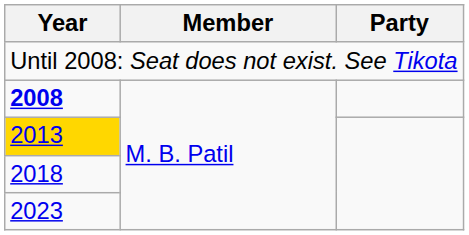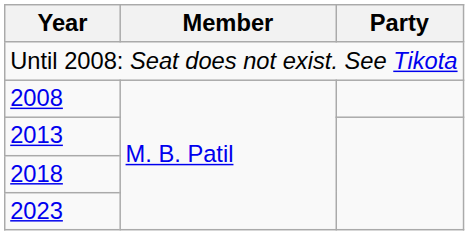 <table class="wikitable sortable">
 <tr>
 <th>Year</th>
 <th>Member</th>
 <th colspan="2">Party</th>
 </tr>
 <tr>
 <td colspan=4 align=center>Until 2008: <em>Seat does not exist. See <a href='#'>Tikota</a></em></td>
 </tr>
 <tr>
-<td><strong><a href='#'>2008</a></strong></td>
+<td><a href='#'>2008</a></td>
 <td rowspan=4><a href='#'>M. B. Patil</a></td>
 <td></td>
 </tr>
 <tr>
-<td style="background: gold;"><a href='#'>2013</a></td>
+<td><a href='#'>2013</a></td>
 </tr>
 <tr>
 <td><a href='#'>2018</a></td>
 </tr>
 <tr>
 <td><a href='#'>2023</a></td>
 </tr>
 </table>
